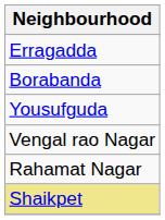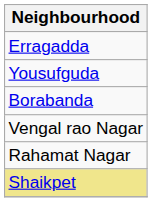 <table class="wikitable sortable static-row-numbers static-row-header-hash">
 <tr>
 <th>Neighbourhood</th>
 </tr>
 <tr>
 <td><a href='#'>Erragadda</a></td>
 </tr>
 <tr>
-<td><a href='#'>Borabanda</a></td>
+<td><a href='#'>Yousufguda</a></td>
 </tr>
 <tr>
-<td><a href='#'>Yousufguda</a></td>
+<td><a href='#'>Borabanda</a></td>
 </tr>
 <tr>
 <td>Vengal rao Nagar</td>
 </tr>
 <tr>
 <td>Rahamat Nagar</td>
 </tr>
 <tr>
 <td style="background: khaki;"><a href='#'>Shaikpet</a></td>
 </tr>
 <tr>
 </tr>
 </table>
